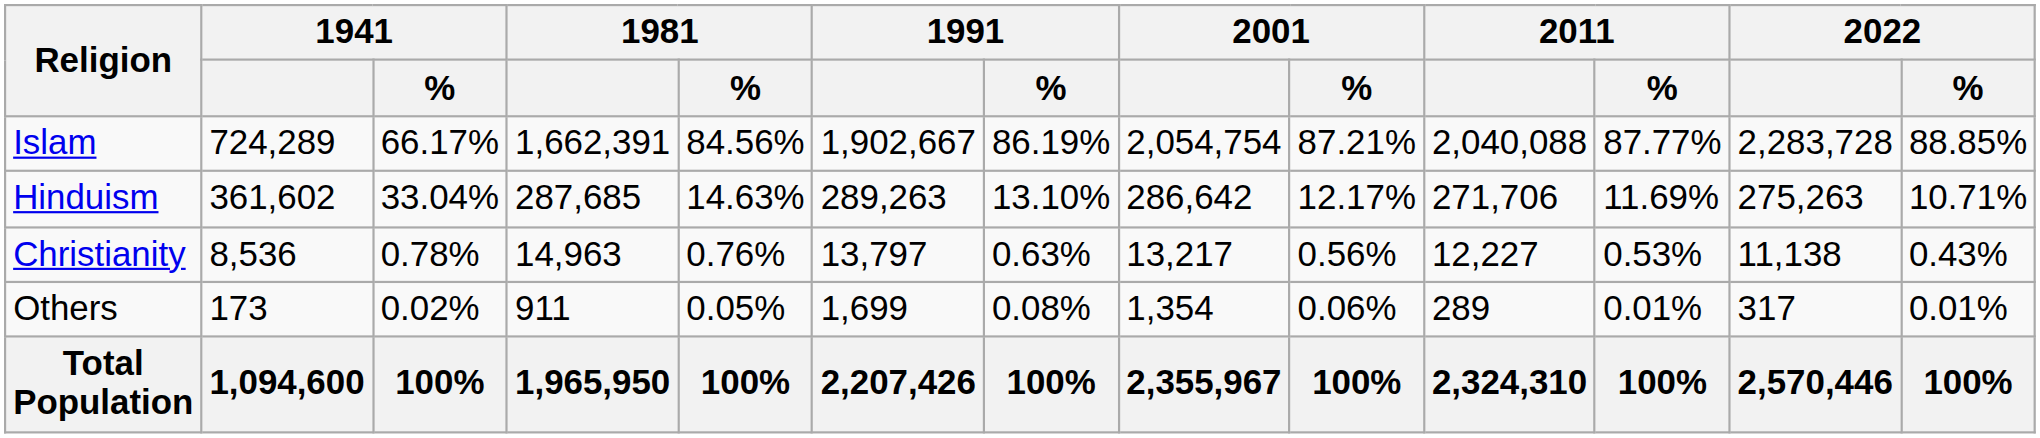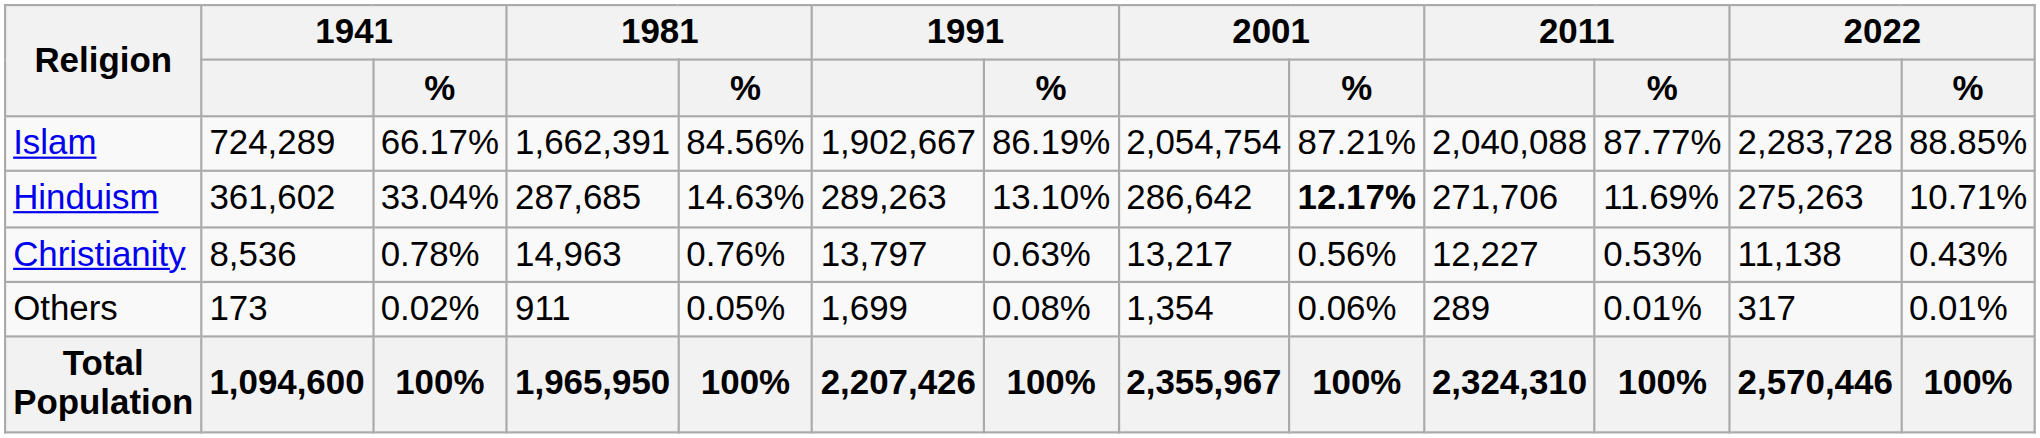 <table class="wikitable sortable">
 <tr>
 <th rowspan="2">Religion</th>
 <th colspan="2">1941</th>
 <th colspan="2">1981</th>
 <th colspan="2">1991</th>
 <th colspan="2">2001</th>
 <th colspan="2">2011</th>
 <th colspan="2">2022</th>
 </tr>
 <tr>
 <th></th>
 <th>%</th>
 <th></th>
 <th>%</th>
 <th></th>
 <th>%</th>
 <th></th>
 <th>%</th>
 <th></th>
 <th>%</th>
 <th></th>
 <th>%</th>
 </tr>
 <tr>
 <td><a href='#'>Islam</a> </td>
 <td>724,289</td>
 <td>66.17%</td>
 <td>1,662,391</td>
 <td>84.56%</td>
 <td>1,902,667</td>
 <td>86.19%</td>
 <td>2,054,754</td>
 <td>87.21%</td>
 <td>2,040,088</td>
 <td>87.77%</td>
 <td>2,283,728</td>
 <td>88.85%</td>
 </tr>
 <tr>
 <td><a href='#'>Hinduism</a> </td>
 <td>361,602</td>
 <td>33.04%</td>
 <td>287,685</td>
 <td>14.63%</td>
 <td>289,263</td>
 <td>13.10%</td>
 <td>286,642</td>
-<td>12.17%</td>
+<td><strong>12.17%</strong></td>
 <td>271,706</td>
 <td>11.69%</td>
 <td>275,263</td>
 <td>10.71%</td>
 </tr>
 <tr>
 <td><a href='#'>Christianity</a> </td>
 <td>8,536</td>
 <td>0.78%</td>
 <td>14,963</td>
 <td>0.76%</td>
 <td>13,797</td>
 <td>0.63%</td>
 <td>13,217</td>
 <td>0.56%</td>
 <td>12,227</td>
 <td>0.53%</td>
 <td>11,138</td>
 <td>0.43%</td>
 </tr>
 <tr>
 <td>Others</td>
 <td>173</td>
 <td>0.02%</td>
 <td>911</td>
 <td>0.05%</td>
 <td>1,699</td>
 <td>0.08%</td>
 <td>1,354</td>
 <td>0.06%</td>
 <td>289</td>
 <td>0.01%</td>
 <td>317</td>
 <td>0.01%</td>
 </tr>
 <tr>
 <th>Total Population</th>
 <th>1,094,600</th>
 <th>100%</th>
 <th>1,965,950</th>
 <th>100%</th>
 <th>2,207,426</th>
 <th>100%</th>
 <th>2,355,967</th>
 <th>100%</th>
 <th>2,324,310</th>
 <th>100%</th>
 <th>2,570,446</th>
 <th>100%</th>
 </tr>
 </table>
